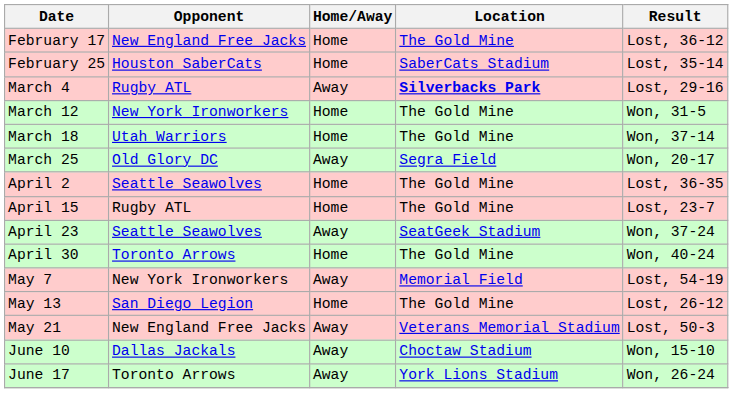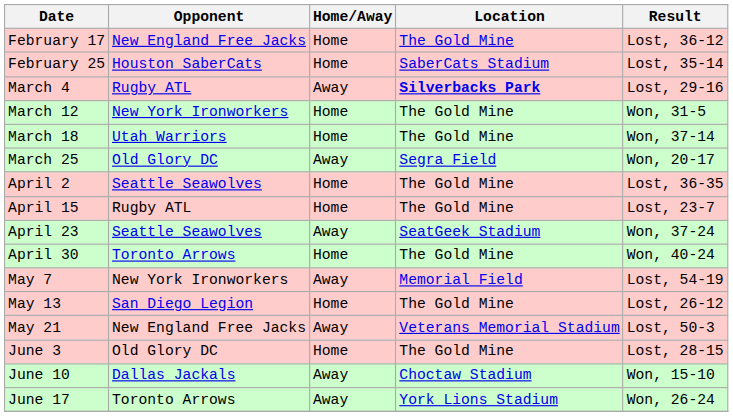 <table class="wikitable">
 <tr>
 <th>Date</th>
 <th>Opponent</th>
 <th>Home/Away</th>
 <th>Location</th>
 <th>Result</th>
 </tr>
 <tr bgcolor="#FFCCCC">
 <td>February 17</td>
 <td><a href='#'>New England Free Jacks</a></td>
 <td>Home</td>
 <td><a href='#'>The Gold Mine</a></td>
 <td>Lost, 36-12</td>
 </tr>
 <tr bgcolor="#FFCCCC">
 <td>February 25</td>
 <td><a href='#'>Houston SaberCats</a></td>
 <td>Home</td>
 <td><a href='#'>SaberCats Stadium</a></td>
 <td>Lost, 35-14</td>
 </tr>
 <tr bgcolor="#FFCCCC">
 <td>March 4</td>
 <td><a href='#'>Rugby ATL</a></td>
 <td>Away</td>
 <td><strong><a href='#'>Silverbacks Park</a></strong></td>
 <td>Lost, 29-16</td>
 </tr>
 <tr bgcolor="CCFFCC">
 <td>March 12</td>
 <td><a href='#'>New York Ironworkers</a></td>
 <td>Home</td>
 <td>The Gold Mine</td>
 <td>Won, 31-5</td>
 </tr>
 <tr bgcolor="CCFFCC">
 <td>March 18</td>
 <td><a href='#'>Utah Warriors</a></td>
 <td>Home</td>
 <td>The Gold Mine</td>
 <td>Won, 37-14</td>
 </tr>
 <tr bgcolor="CCFFCC">
 <td>March 25</td>
 <td><a href='#'>Old Glory DC</a></td>
 <td>Away</td>
 <td><a href='#'>Segra Field</a></td>
 <td>Won, 20-17</td>
 </tr>
 <tr bgcolor="#FFCCCC">
 <td>April 2</td>
 <td><a href='#'>Seattle Seawolves</a></td>
 <td>Home</td>
 <td>The Gold Mine</td>
 <td>Lost, 36-35</td>
 </tr>
 <tr bgcolor="#FFCCCC">
 <td>April 15</td>
 <td>Rugby ATL</td>
 <td>Home</td>
 <td>The Gold Mine</td>
 <td>Lost, 23-7</td>
 </tr>
 <tr bgcolor="CCFFCC">
 <td>April 23</td>
 <td><a href='#'>Seattle Seawolves</a></td>
 <td>Away</td>
 <td><a href='#'>SeatGeek Stadium</a></td>
 <td>Won, 37-24</td>
 </tr>
 <tr bgcolor="CCFFCC">
 <td>April 30</td>
 <td><a href='#'>Toronto Arrows</a></td>
 <td>Home</td>
 <td>The Gold Mine</td>
 <td>Won, 40-24</td>
 </tr>
 <tr bgcolor="#FFCCCC">
 <td>May 7</td>
 <td>New York Ironworkers</td>
 <td>Away</td>
 <td><a href='#'>Memorial Field</a></td>
 <td>Lost, 54-19</td>
 </tr>
 <tr bgcolor="#FFCCCC">
 <td>May 13</td>
 <td><a href='#'>San Diego Legion</a></td>
 <td>Home</td>
 <td>The Gold Mine</td>
 <td>Lost, 26-12</td>
 </tr>
 <tr bgcolor="#FFCCCC">
 <td>May 21</td>
 <td>New England Free Jacks</td>
 <td>Away</td>
 <td><a href='#'>Veterans Memorial Stadium</a></td>
 <td>Lost, 50-3</td>
 </tr>
+<tr bgcolor="#FFCCCC">
+<td>June 3</td>
+<td>Old Glory DC</td>
+<td>Home</td>
+<td>The Gold Mine</td>
+<td>Lost, 28-15</td>
+</tr>
 <tr bgcolor="CCFFCC">
 <td>June 10</td>
 <td><a href='#'>Dallas Jackals</a></td>
 <td>Away</td>
 <td><a href='#'>Choctaw Stadium</a></td>
 <td>Won, 15-10</td>
 </tr>
 <tr bgcolor="CCFFCC">
 <td>June 17</td>
 <td>Toronto Arrows</td>
 <td>Away</td>
 <td><a href='#'>York Lions Stadium</a></td>
 <td>Won, 26-24</td>
 </tr>
 <tr>
 </tr>
 </table>
